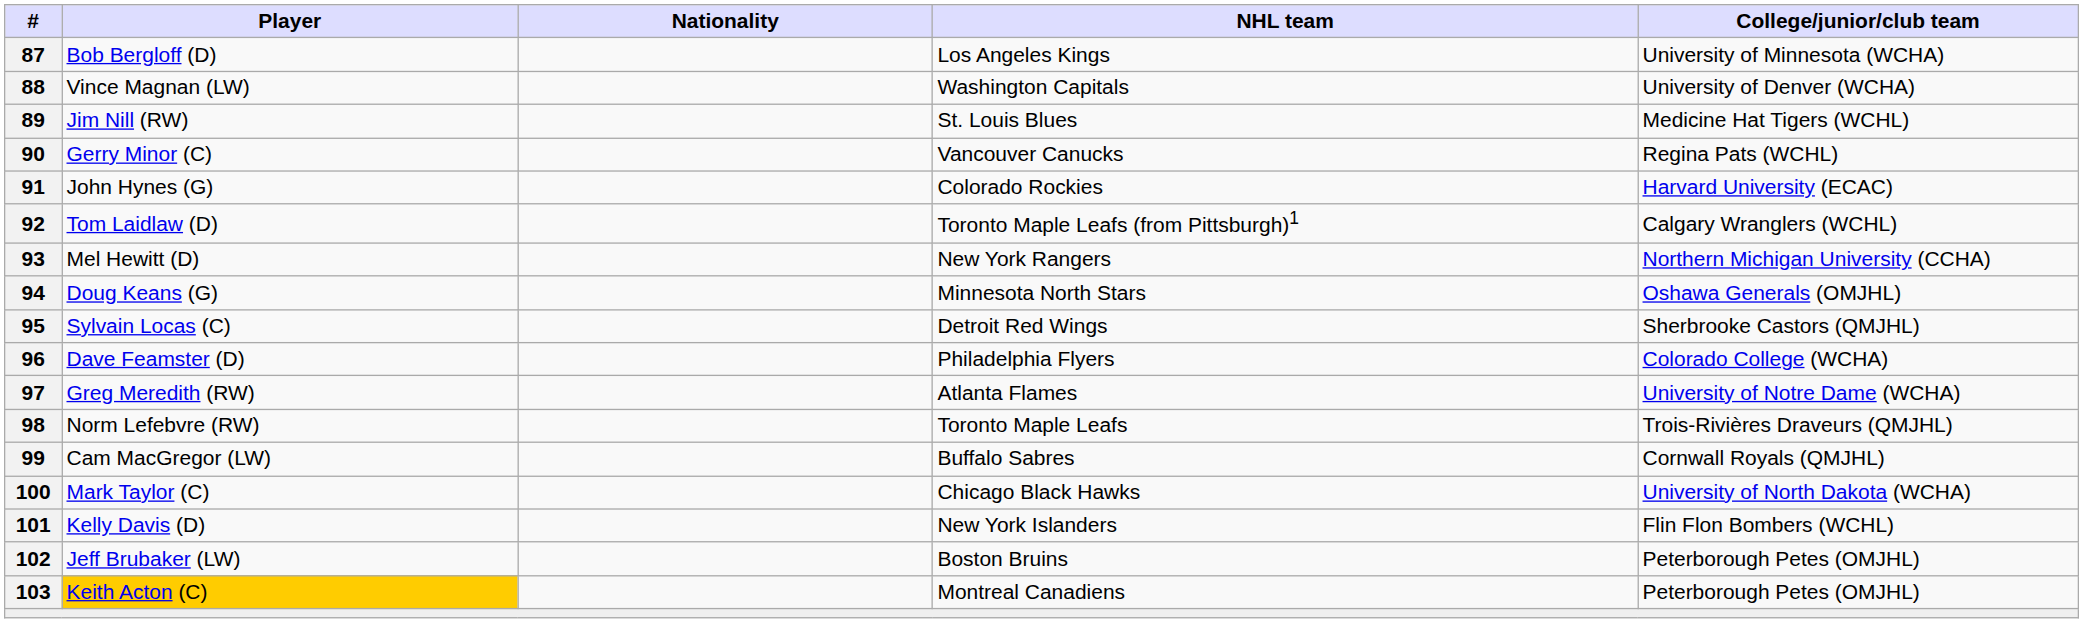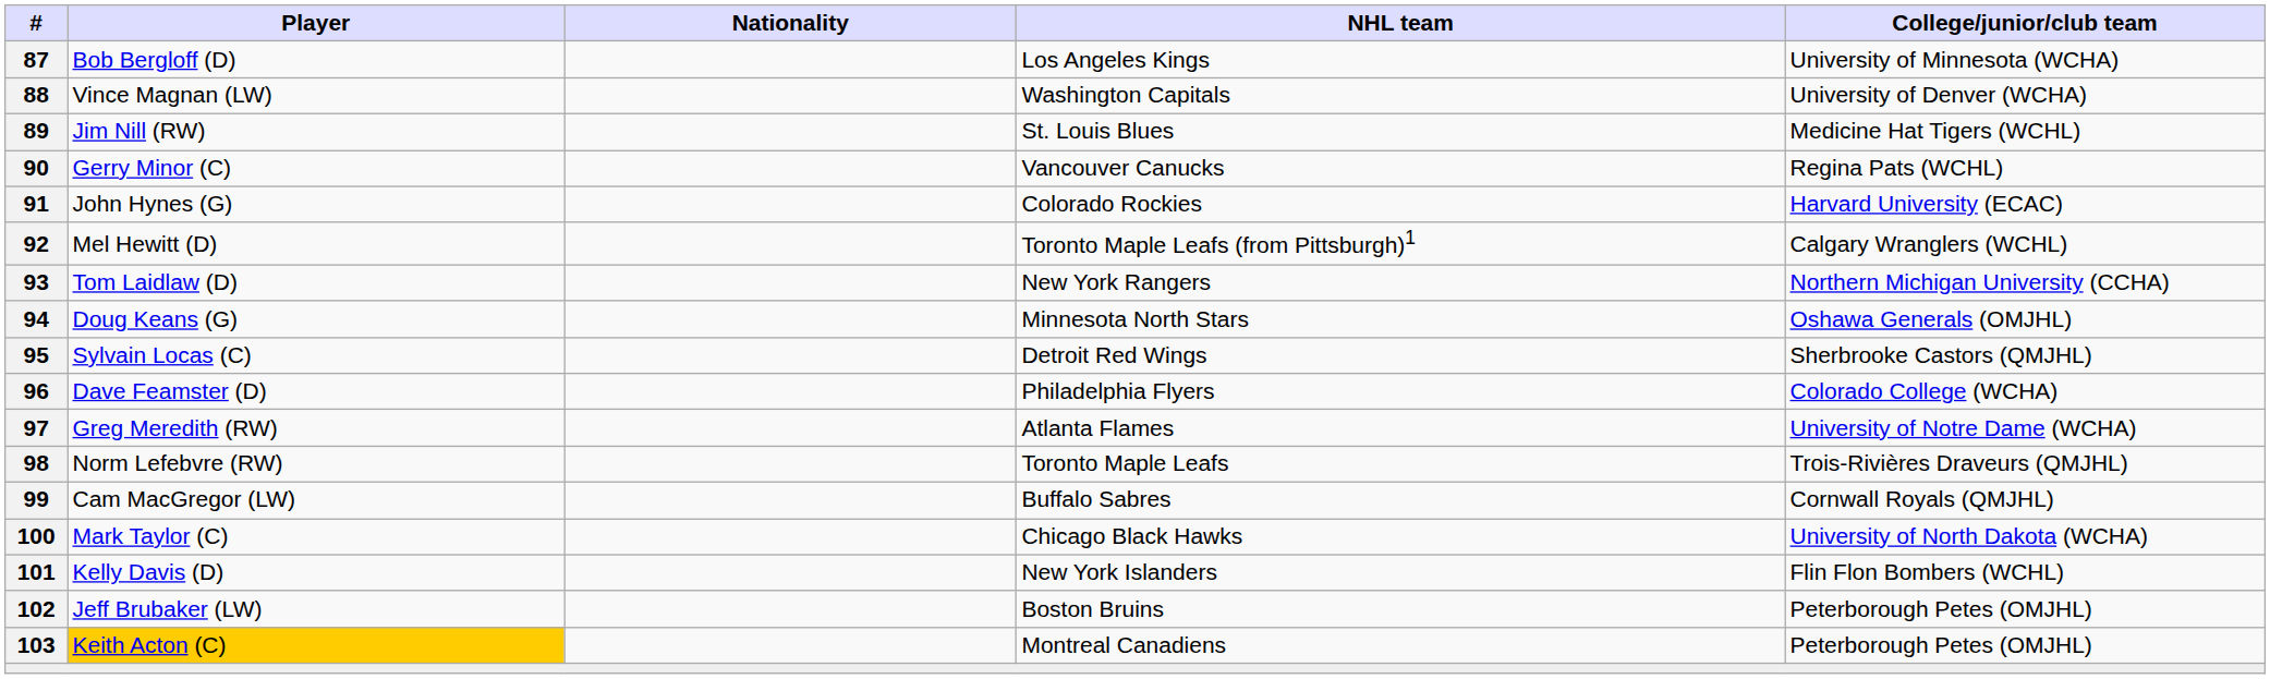 <table class="wikitable" style="width: 100%">
 <tr>
 <th style="background:#ddf; width:2.75%;">#</th>
 <th style="background:#ddf; width:22.0%;">Player</th>
 <th style="background:#ddf; width:20.0%;">Nationality</th>
 <th style="background:#ddf; width:34.0%;">NHL team</th>
 <th style="background:#ddf; width:100.0%;">College/junior/club team</th>
 </tr>
 <tr>
 <th>87</th>
 <td><a href='#'>Bob Bergloff</a> (D)</td>
 <td></td>
 <td>Los Angeles Kings</td>
 <td>University of Minnesota (WCHA)</td>
 </tr>
 <tr>
 <th>88</th>
 <td>Vince Magnan (LW)</td>
 <td></td>
 <td>Washington Capitals</td>
 <td>University of Denver (WCHA)</td>
 </tr>
 <tr>
 <th>89</th>
 <td><a href='#'>Jim Nill</a> (RW)</td>
 <td></td>
 <td>St. Louis Blues</td>
 <td>Medicine Hat Tigers (WCHL)</td>
 </tr>
 <tr>
 <th>90</th>
 <td><a href='#'>Gerry Minor</a> (C)</td>
 <td></td>
 <td>Vancouver Canucks</td>
 <td>Regina Pats (WCHL)</td>
 </tr>
 <tr>
 <th>91</th>
 <td>John Hynes (G)</td>
 <td></td>
 <td>Colorado Rockies</td>
 <td><a href='#'>Harvard University</a> (ECAC)</td>
 </tr>
 <tr>
 <th>92</th>
-<td><a href='#'>Tom Laidlaw</a> (D)</td>
+<td>Mel Hewitt (D)</td>
 <td></td>
 <td>Toronto Maple Leafs (from Pittsburgh)<sup>1</sup></td>
 <td>Calgary Wranglers (WCHL)</td>
 </tr>
 <tr>
 <th>93</th>
-<td>Mel Hewitt (D)</td>
+<td><a href='#'>Tom Laidlaw</a> (D)</td>
 <td></td>
 <td>New York Rangers</td>
 <td><a href='#'>Northern Michigan University</a> (CCHA)</td>
 </tr>
 <tr>
 <th>94</th>
 <td><a href='#'>Doug Keans</a> (G)</td>
 <td></td>
 <td>Minnesota North Stars</td>
 <td><a href='#'>Oshawa Generals</a> (OMJHL)</td>
 </tr>
 <tr>
 <th>95</th>
 <td><a href='#'>Sylvain Locas</a> (C)</td>
 <td></td>
 <td>Detroit Red Wings</td>
 <td>Sherbrooke Castors (QMJHL)</td>
 </tr>
 <tr>
 <th>96</th>
 <td><a href='#'>Dave Feamster</a> (D)</td>
 <td></td>
 <td>Philadelphia Flyers</td>
 <td><a href='#'>Colorado College</a> (WCHA)</td>
 </tr>
 <tr>
 <th>97</th>
 <td><a href='#'>Greg Meredith</a> (RW)</td>
 <td></td>
 <td>Atlanta Flames</td>
 <td><a href='#'>University of Notre Dame</a> (WCHA)</td>
 </tr>
 <tr>
 <th>98</th>
 <td>Norm Lefebvre (RW)</td>
 <td></td>
 <td>Toronto Maple Leafs</td>
 <td>Trois-Rivières Draveurs (QMJHL)</td>
 </tr>
 <tr>
 <th>99</th>
 <td>Cam MacGregor (LW)</td>
 <td></td>
 <td>Buffalo Sabres</td>
 <td>Cornwall Royals (QMJHL)</td>
 </tr>
 <tr>
 <th>100</th>
 <td><a href='#'>Mark Taylor</a> (C)</td>
 <td></td>
 <td>Chicago Black Hawks</td>
 <td><a href='#'>University of North Dakota</a> (WCHA)</td>
 </tr>
 <tr>
 <th>101</th>
 <td><a href='#'>Kelly Davis</a> (D)</td>
 <td></td>
 <td>New York Islanders</td>
 <td>Flin Flon Bombers (WCHL)</td>
 </tr>
 <tr>
 <th>102</th>
 <td><a href='#'>Jeff Brubaker</a> (LW)</td>
 <td></td>
 <td>Boston Bruins</td>
 <td>Peterborough Petes (OMJHL)</td>
 </tr>
 <tr>
 <th>103</th>
 <td bgcolor="#FFCC00"><a href='#'>Keith Acton</a> (C)</td>
 <td></td>
 <td>Montreal Canadiens</td>
 <td>Peterborough Petes (OMJHL)</td>
 </tr>
 <tr>
 <td align=center colspan="6" bgcolor="#efefef"></td>
 </tr>
 </table>
